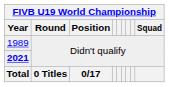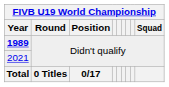 <table class="wikitable" style="text-align: center;">
 <tr>
 <th colspan=9><a href='#'>FIVB U19 World Championship</a></th>
 </tr>
 <tr>
 <th>Year</th>
 <th>Round</th>
 <th>Position</th>
 <th></th>
 <th></th>
 <th></th>
 <th></th>
 <th></th>
 <th><small>Squad</small></th>
 </tr>
 <tr bgcolor="efefef">
-<td> <a href='#'>1989</a></td>
+<td><strong> <a href='#'>1989</a></strong></td>
 <td colspan="8" rowspan=2>Didn't qualify</td>
 </tr>
 <tr bgcolor="efefef">
-<td><strong> <a href='#'>2021</a></strong></td>
+<td> <a href='#'>2021</a></td>
 </tr>
 <tr>
 <th>Total</th>
 <th>0 Titles</th>
 <th>0/17</th>
 <th></th>
 <th></th>
 <th></th>
 <th></th>
 <th></th>
 <th></th>
 </tr>
 </table>
